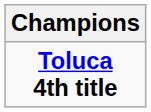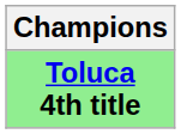 <table class="wikitable" style="text-align: center; margin: 0 auto;">
 <tr>
 <th>Champions</th>
 </tr>
 <tr>
-<td><strong><a href='#'>Toluca</a></strong><br><strong>4th title</strong></td>
+<td style="background: lightgreen;"><strong><a href='#'>Toluca</a></strong><br><strong>4th title</strong></td>
 </tr>
 </table>
